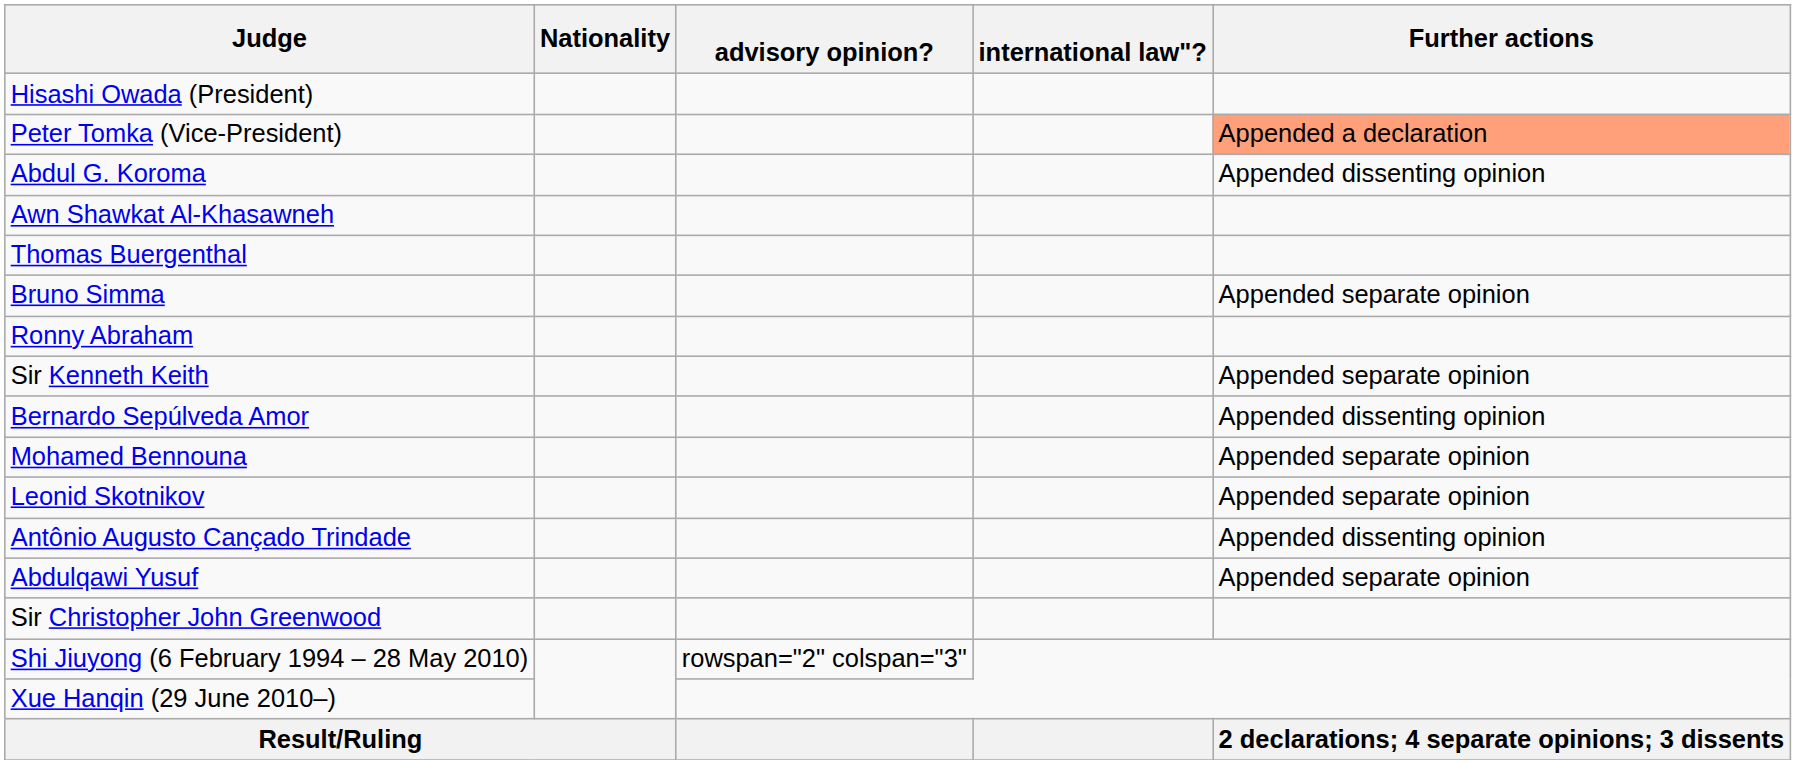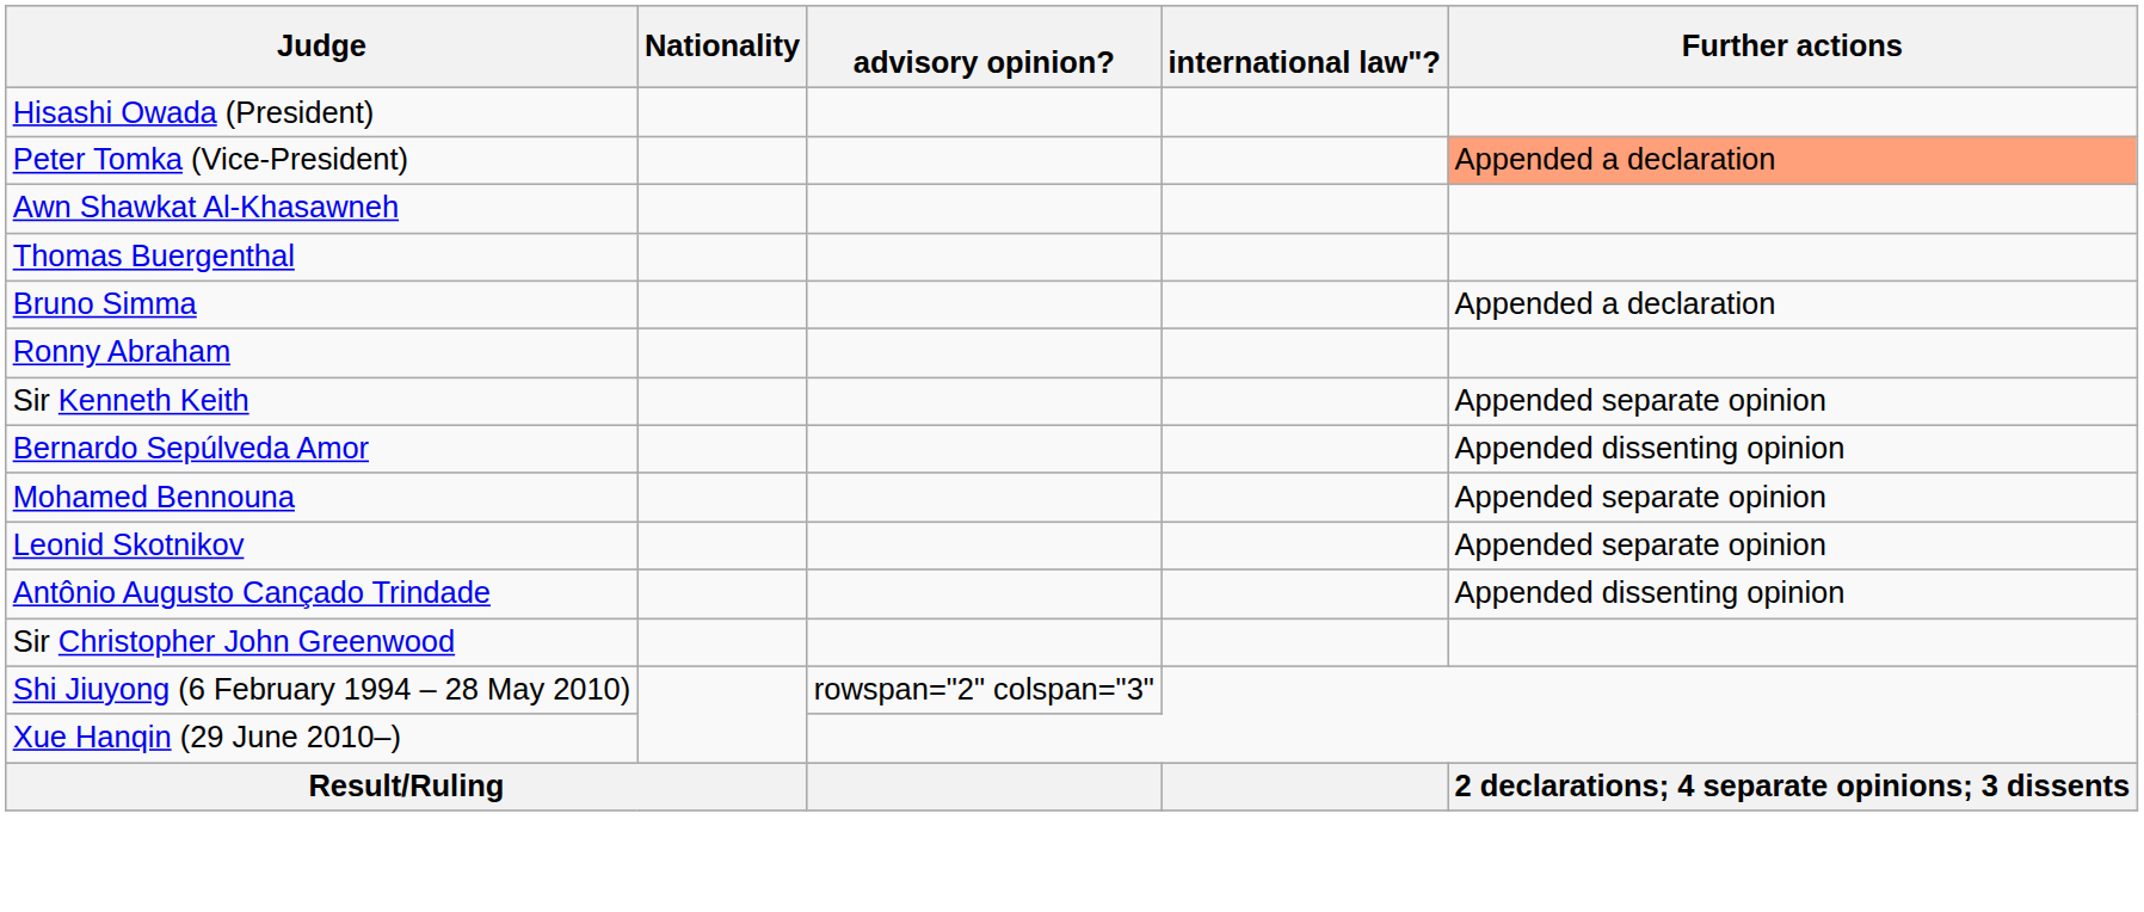 <table class="wikitable">
 <tr>
 <th>Judge</th>
 <th>Nationality</th>
 <th><br>advisory opinion?</th>
 <th><br>international law"?</th>
 <th>Further actions</th>
 </tr>
 <tr>
 <td><a href='#'>Hisashi Owada</a> (President)</td>
 <td></td>
 <td></td>
 <td></td>
 <td></td>
 </tr>
 <tr>
 <td><a href='#'>Peter Tomka</a> (Vice-President)</td>
 <td></td>
 <td></td>
 <td></td>
 <td style="background: lightsalmon;">Appended a declaration</td>
 </tr>
 <tr>
-<td><a href='#'>Abdul G. Koroma</a></td>
-<td></td>
-<td></td>
-<td></td>
-<td>Appended dissenting opinion</td>
-</tr>
-<tr>
 <td><a href='#'>Awn Shawkat Al-Khasawneh</a></td>
 <td></td>
 <td></td>
 <td></td>
 <td></td>
 </tr>
 <tr>
 <td><a href='#'>Thomas Buergenthal</a></td>
 <td></td>
 <td></td>
 <td></td>
 <td></td>
 </tr>
 <tr>
 <td><a href='#'>Bruno Simma</a></td>
 <td></td>
 <td></td>
 <td></td>
-<td>Appended separate opinion</td>
+<td>Appended a declaration</td>
 </tr>
 <tr>
 <td><a href='#'>Ronny Abraham</a></td>
 <td></td>
 <td></td>
 <td></td>
 <td></td>
 </tr>
 <tr>
 <td>Sir <a href='#'>Kenneth Keith</a></td>
 <td></td>
 <td></td>
 <td></td>
 <td>Appended separate opinion</td>
 </tr>
 <tr>
 <td><a href='#'>Bernardo Sepúlveda Amor</a></td>
 <td></td>
 <td></td>
 <td></td>
 <td>Appended dissenting opinion</td>
 </tr>
 <tr>
 <td><a href='#'>Mohamed Bennouna</a></td>
 <td></td>
 <td></td>
 <td></td>
 <td>Appended separate opinion</td>
 </tr>
 <tr>
 <td><a href='#'>Leonid Skotnikov</a></td>
 <td></td>
 <td></td>
 <td></td>
 <td>Appended separate opinion</td>
 </tr>
 <tr>
 <td><a href='#'>Antônio Augusto Cançado Trindade</a></td>
 <td></td>
 <td></td>
 <td></td>
 <td>Appended dissenting opinion</td>
 </tr>
 <tr>
-<td><a href='#'>Abdulqawi Yusuf</a></td>
-<td></td>
-<td></td>
-<td></td>
-<td>Appended separate opinion</td>
-</tr>
-<tr>
 <td>Sir <a href='#'>Christopher John Greenwood</a></td>
 <td></td>
 <td></td>
 <td></td>
 <td></td>
 </tr>
 <tr>
 <td><a href='#'>Shi Jiuyong</a> (6 February 1994 – 28 May 2010)</td>
 <td rowspan="2"></td>
 <td>rowspan="2" colspan="3" </td>
 </tr>
 <tr>
 <td><a href='#'>Xue Hanqin</a> (29 June 2010–)</td>
 </tr>
 <tr>
 <th colspan=2>Result/Ruling</th>
 <th></th>
 <th></th>
 <th>2 declarations; 4 separate opinions; 3 dissents</th>
 </tr>
 </table>
